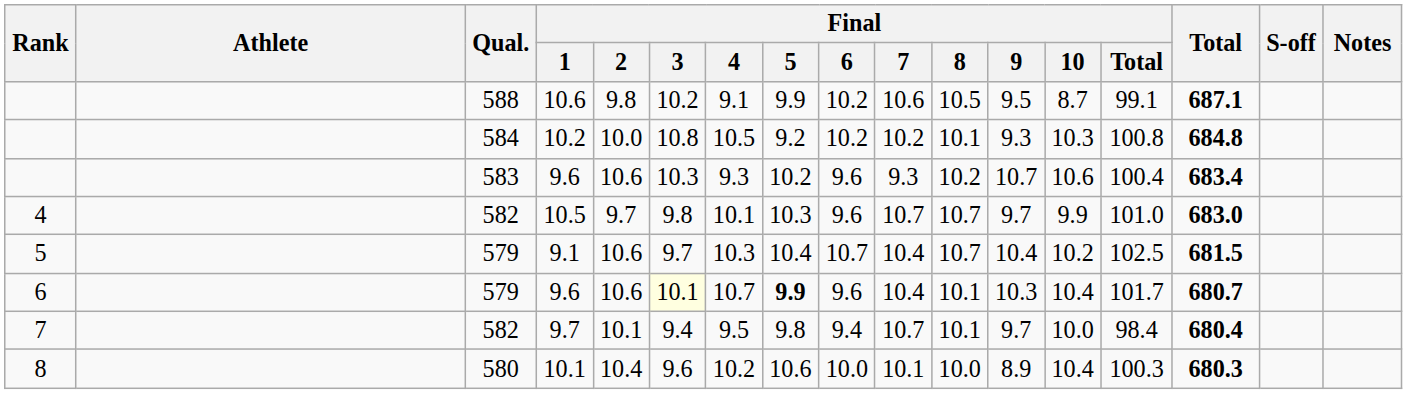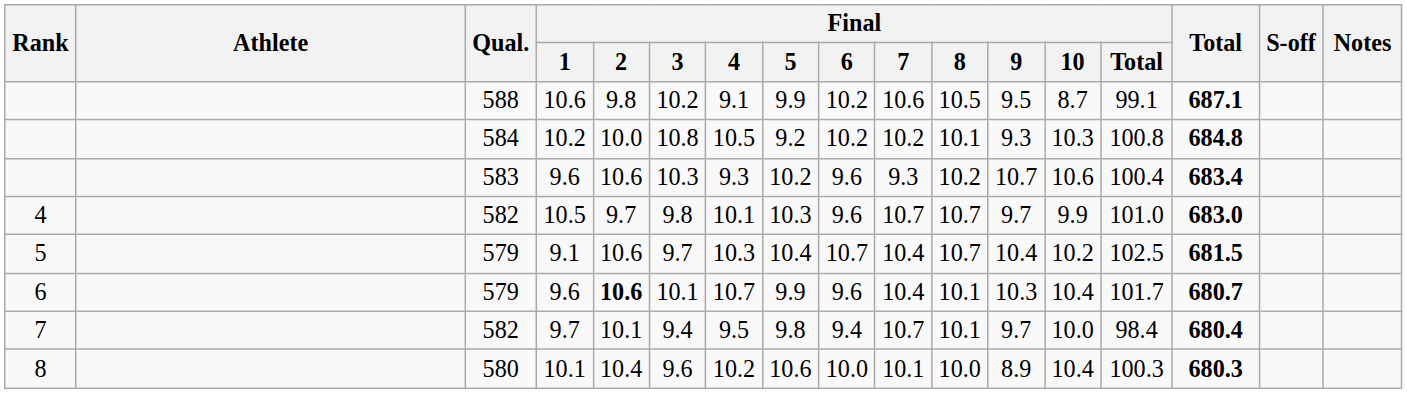 <table class="wikitable" style="text-align:center">
 <tr>
 <th rowspan=2 width=40>Rank</th>
 <th rowspan=2 width=250>Athlete</th>
 <th rowspan=2 width=40>Qual.</th>
 <th colspan=11>Final</th>
 <th rowspan=2 width=50>Total</th>
 <th rowspan=2 width=35>S-off</th>
 <th rowspan=2 width=45>Notes</th>
 </tr>
 <tr>
 <th width=30>1</th>
 <th width=30>2</th>
 <th width=30>3</th>
 <th width=30>4</th>
 <th width=30>5</th>
 <th width=30>6</th>
 <th width=30>7</th>
 <th width=30>8</th>
 <th width=30>9</th>
 <th width=30>10</th>
 <th width=40>Total</th>
 </tr>
 <tr>
 <td></td>
 <td align=left></td>
 <td>588</td>
 <td>10.6</td>
 <td>9.8</td>
 <td>10.2</td>
 <td>9.1</td>
 <td>9.9</td>
 <td>10.2</td>
 <td>10.6</td>
 <td>10.5</td>
 <td>9.5</td>
 <td>8.7</td>
 <td>99.1</td>
 <td><strong>687.1</strong></td>
 <td></td>
 <td></td>
 </tr>
 <tr>
 <td></td>
 <td align=left></td>
 <td>584</td>
 <td>10.2</td>
 <td>10.0</td>
 <td>10.8</td>
 <td>10.5</td>
 <td>9.2</td>
 <td>10.2</td>
 <td>10.2</td>
 <td>10.1</td>
 <td>9.3</td>
 <td>10.3</td>
 <td>100.8</td>
 <td><strong>684.8</strong></td>
 <td></td>
 <td></td>
 </tr>
 <tr>
 <td></td>
 <td align=left></td>
 <td>583</td>
 <td>9.6</td>
 <td>10.6</td>
 <td>10.3</td>
 <td>9.3</td>
 <td>10.2</td>
 <td>9.6</td>
 <td>9.3</td>
 <td>10.2</td>
 <td>10.7</td>
 <td>10.6</td>
 <td>100.4</td>
 <td><strong>683.4</strong></td>
 <td></td>
 <td></td>
 </tr>
 <tr>
 <td>4</td>
 <td align=left></td>
 <td>582</td>
 <td>10.5</td>
 <td>9.7</td>
 <td>9.8</td>
 <td>10.1</td>
 <td>10.3</td>
 <td>9.6</td>
 <td>10.7</td>
 <td>10.7</td>
 <td>9.7</td>
 <td>9.9</td>
 <td>101.0</td>
 <td><strong>683.0</strong></td>
 <td></td>
 <td></td>
 </tr>
 <tr>
 <td>5</td>
 <td align=left></td>
 <td>579</td>
 <td>9.1</td>
 <td>10.6</td>
 <td>9.7</td>
 <td>10.3</td>
 <td>10.4</td>
 <td>10.7</td>
 <td>10.4</td>
 <td>10.7</td>
 <td>10.4</td>
 <td>10.2</td>
 <td>102.5</td>
 <td><strong>681.5</strong></td>
 <td></td>
 <td></td>
 </tr>
 <tr>
 <td>6</td>
 <td align=left></td>
 <td>579</td>
 <td>9.6</td>
-<td>10.6</td>
-<td style="background: lightyellow;">10.1</td>
+<td><strong>10.6</strong></td>
+<td>10.1</td>
 <td>10.7</td>
-<td><strong>9.9</strong></td>
+<td>9.9</td>
 <td>9.6</td>
 <td>10.4</td>
 <td>10.1</td>
 <td>10.3</td>
 <td>10.4</td>
 <td>101.7</td>
 <td><strong>680.7</strong></td>
 <td></td>
 <td></td>
 </tr>
 <tr>
 <td>7</td>
 <td align=left></td>
 <td>582</td>
 <td>9.7</td>
 <td>10.1</td>
 <td>9.4</td>
 <td>9.5</td>
 <td>9.8</td>
 <td>9.4</td>
 <td>10.7</td>
 <td>10.1</td>
 <td>9.7</td>
 <td>10.0</td>
 <td>98.4</td>
 <td><strong>680.4</strong></td>
 <td></td>
 <td></td>
 </tr>
 <tr>
 <td>8</td>
 <td align=left></td>
 <td>580</td>
 <td>10.1</td>
 <td>10.4</td>
 <td>9.6</td>
 <td>10.2</td>
 <td>10.6</td>
 <td>10.0</td>
 <td>10.1</td>
 <td>10.0</td>
 <td>8.9</td>
 <td>10.4</td>
 <td>100.3</td>
 <td><strong>680.3</strong></td>
 <td></td>
 <td></td>
 </tr>
 </table>
